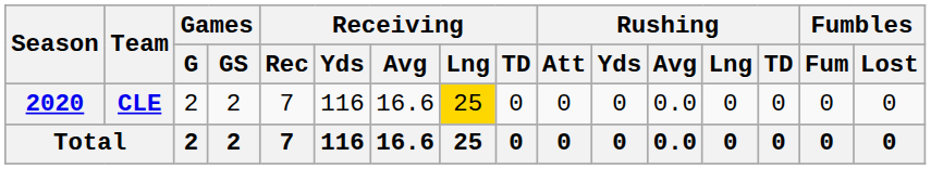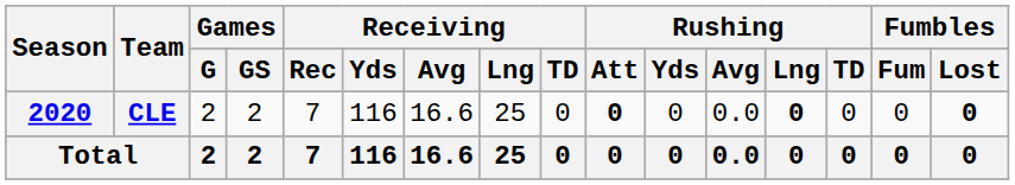 <table class=wikitable style="text-align:center;">
 <tr>
 <th rowspan="2">Season</th>
 <th rowspan="2">Team</th>
 <th colspan="2">Games</th>
 <th colspan="5">Receiving</th>
 <th colspan="5">Rushing</th>
 <th colspan="2">Fumbles</th>
 </tr>
 <tr>
 <th>G</th>
 <th>GS</th>
 <th>Rec</th>
 <th>Yds</th>
 <th>Avg</th>
 <th>Lng</th>
 <th>TD</th>
 <th>Att</th>
 <th>Yds</th>
 <th>Avg</th>
 <th>Lng</th>
 <th>TD</th>
 <th>Fum</th>
 <th>Lost</th>
 </tr>
 <tr>
 <th><a href='#'>2020</a></th>
 <th><a href='#'>CLE</a></th>
 <td>2</td>
 <td>2</td>
 <td>7</td>
 <td>116</td>
 <td>16.6</td>
-<td style="background: gold;">25</td>
+<td>25</td>
+<td>0</td>
+<td><strong>0</strong></td>
+<td>0</td>
+<td>0.0</td>
+<td><strong>0</strong></td>
 <td>0</td>
 <td>0</td>
-<td>0</td>
-<td>0.0</td>
-<td>0</td>
-<td>0</td>
-<td>0</td>
-<td>0</td>
+<td><strong>0</strong></td>
 </tr>
 <tr>
 <th colspan="2">Total</th>
 <th>2</th>
 <th>2</th>
 <th>7</th>
 <th>116</th>
 <th>16.6</th>
 <th>25</th>
 <th>0</th>
 <th>0</th>
 <th>0</th>
 <th>0.0</th>
 <th>0</th>
 <th>0</th>
 <th>0</th>
 <th>0</th>
 </tr>
 </table>
